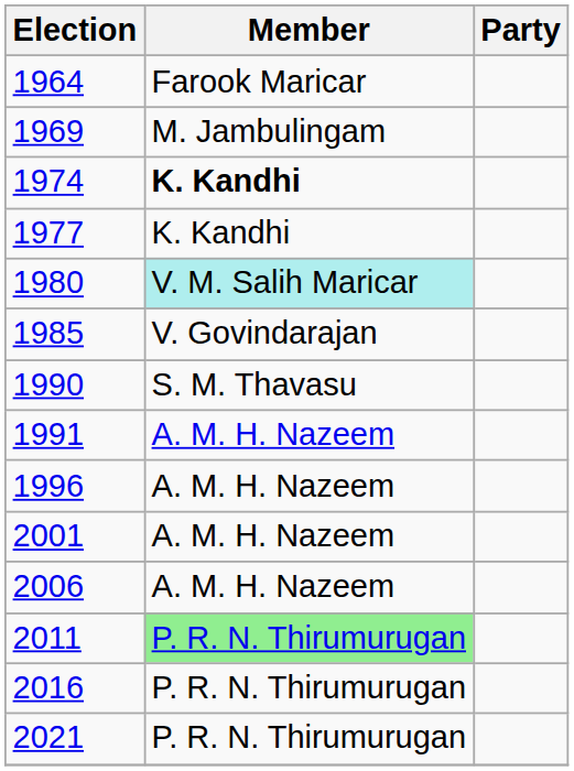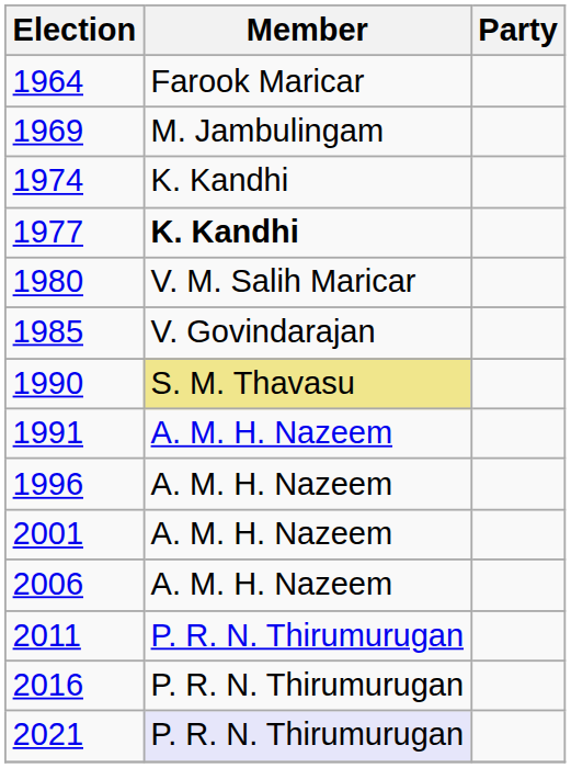 <table class="wikitable sortable">
 <tr>
 <th>Election</th>
 <th>Member</th>
 <th colspan="2">Party</th>
 </tr>
 <tr>
 <td><a href='#'>1964</a></td>
 <td>Farook Maricar</td>
 <td></td>
 </tr>
 <tr>
 <td><a href='#'>1969</a></td>
 <td>M. Jambulingam</td>
 <td></td>
 </tr>
 <tr>
 <td><a href='#'>1974</a></td>
+<td>K. Kandhi</td>
+<td></td>
+</tr>
+<tr>
+<td><a href='#'>1977</a></td>
 <td><strong>K. Kandhi</strong></td>
 <td></td>
 </tr>
 <tr>
-<td><a href='#'>1977</a></td>
-<td>K. Kandhi</td>
-<td></td>
-</tr>
-<tr>
 <td><a href='#'>1980</a></td>
-<td style="background: paleturquoise;">V. M. Salih Maricar</td>
+<td>V. M. Salih Maricar</td>
 <td></td>
 </tr>
 <tr>
 <td><a href='#'>1985</a></td>
 <td>V. Govindarajan</td>
 <td></td>
 </tr>
 <tr>
 <td><a href='#'>1990</a></td>
-<td>S. M. Thavasu</td>
+<td style="background: khaki;">S. M. Thavasu</td>
 <td></td>
 </tr>
 <tr>
 <td><a href='#'>1991</a></td>
 <td><a href='#'>A. M. H. Nazeem</a></td>
 <td></td>
 </tr>
 <tr>
 <td><a href='#'>1996</a></td>
 <td>A. M. H. Nazeem</td>
 <td></td>
 </tr>
 <tr>
 <td><a href='#'>2001</a></td>
 <td>A. M. H. Nazeem</td>
 <td></td>
 </tr>
 <tr>
 <td><a href='#'>2006</a></td>
 <td>A. M. H. Nazeem</td>
 <td></td>
 </tr>
 <tr>
 <td><a href='#'>2011</a></td>
-<td style="background: lightgreen;"><a href='#'>P. R. N. Thirumurugan</a></td>
+<td><a href='#'>P. R. N. Thirumurugan</a></td>
 <td></td>
 </tr>
 <tr>
 <td><a href='#'>2016</a></td>
 <td>P. R. N. Thirumurugan</td>
 <td></td>
 </tr>
 <tr>
 <td><a href='#'>2021</a></td>
-<td>P. R. N. Thirumurugan</td>
+<td style="background: lavender;">P. R. N. Thirumurugan</td>
 <td></td>
 </tr>
 <tr>
 </tr>
 </table>
